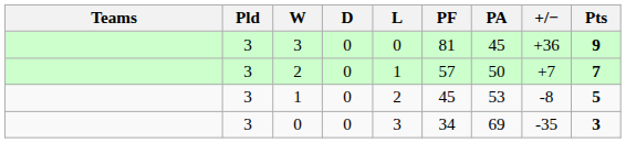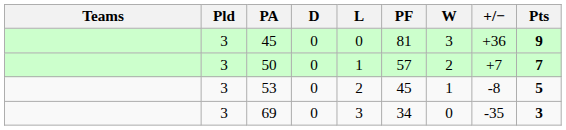 <table class="wikitable" style="text-align: center;">
 <tr>
 <th width="200">Teams</th>
 <th width="40">Pld</th>
-<th width="40">W</th>
+<th width="40">PA</th>
 <th width="40">D</th>
 <th width="40">L</th>
 <th width="40">PF</th>
-<th width="40">PA</th>
+<th width="40">W</th>
 <th width="40">+/−</th>
 <th width="40">Pts</th>
 </tr>
 <tr bgcolor=ccffcc>
 <td align=left></td>
 <td>3</td>
-<td>3</td>
+<td>45</td>
 <td>0</td>
 <td>0</td>
 <td>81</td>
-<td>45</td>
+<td>3</td>
 <td>+36</td>
 <td><strong>9</strong></td>
 </tr>
 <tr bgcolor=ccffcc>
 <td align=left></td>
 <td>3</td>
-<td>2</td>
+<td>50</td>
 <td>0</td>
 <td>1</td>
 <td>57</td>
-<td>50</td>
+<td>2</td>
 <td>+7</td>
 <td><strong>7</strong></td>
 </tr>
 <tr>
 <td align=left></td>
 <td>3</td>
-<td>1</td>
+<td>53</td>
 <td>0</td>
 <td>2</td>
 <td>45</td>
-<td>53</td>
+<td>1</td>
 <td>-8</td>
 <td><strong>5</strong></td>
 </tr>
 <tr>
 <td align=left></td>
 <td>3</td>
-<td>0</td>
+<td>69</td>
 <td>0</td>
 <td>3</td>
 <td>34</td>
-<td>69</td>
+<td>0</td>
 <td>-35</td>
 <td><strong>3</strong></td>
 </tr>
 </table>
